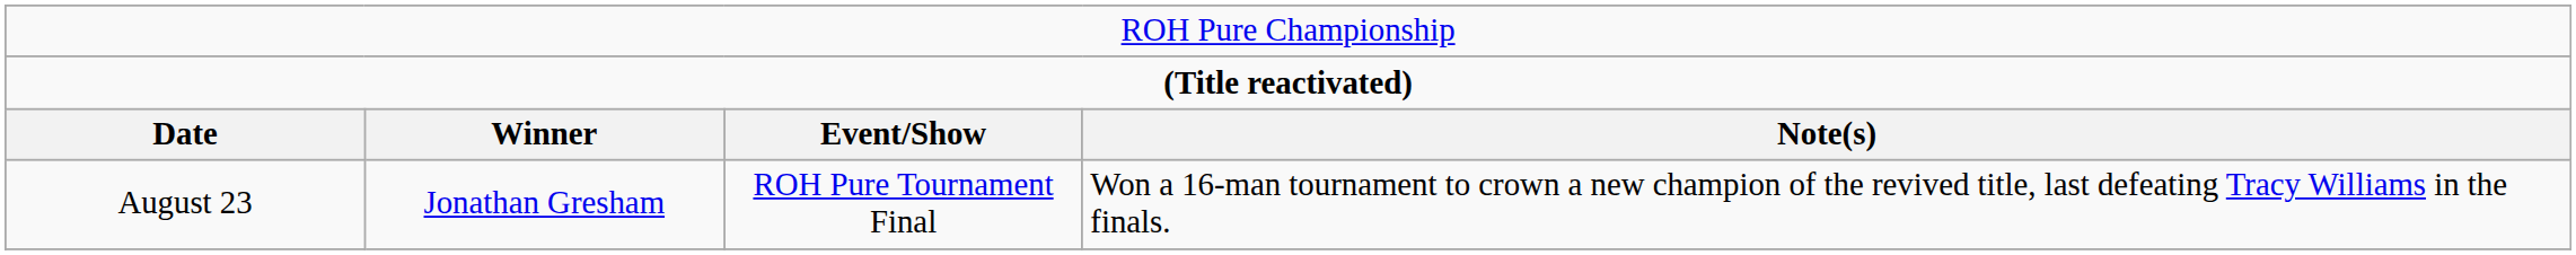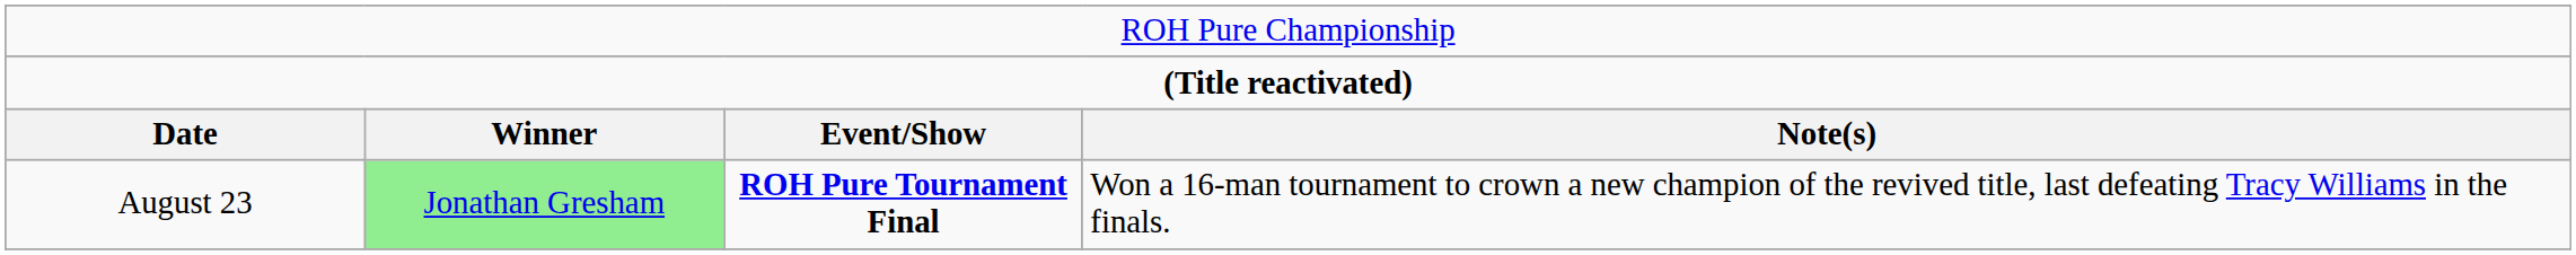 <table class="wikitable" style="text-align:center; width:100%;">
 <tr>
 <td colspan="4" style="text-align: center;"><a href='#'>ROH Pure Championship</a></td>
 </tr>
 <tr>
 <td colspan="4" style="text-align: center;"><strong>(Title reactivated)</strong></td>
 </tr>
 <tr>
 <th width=14%>Date</th>
 <th width=14%>Winner</th>
 <th width=14%>Event/Show</th>
 <th width=58%>Note(s)</th>
 </tr>
 <tr>
 <td>August 23<br></td>
-<td><a href='#'>Jonathan Gresham</a></td>
-<td><a href='#'>ROH Pure Tournament</a> Final</td>
+<td style="background: lightgreen;"><a href='#'>Jonathan Gresham</a></td>
+<td><strong><a href='#'>ROH Pure Tournament</a> Final</strong></td>
 <td style="text-align: left;">Won a 16-man tournament to crown a new champion of the revived title, last defeating <a href='#'>Tracy Williams</a> in the finals.</td>
 </tr>
 </table>
